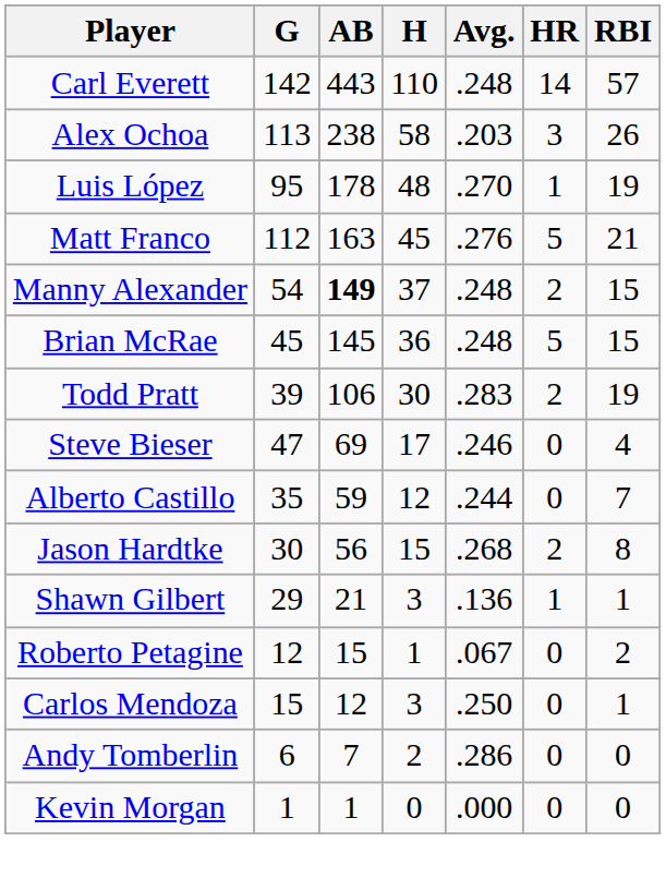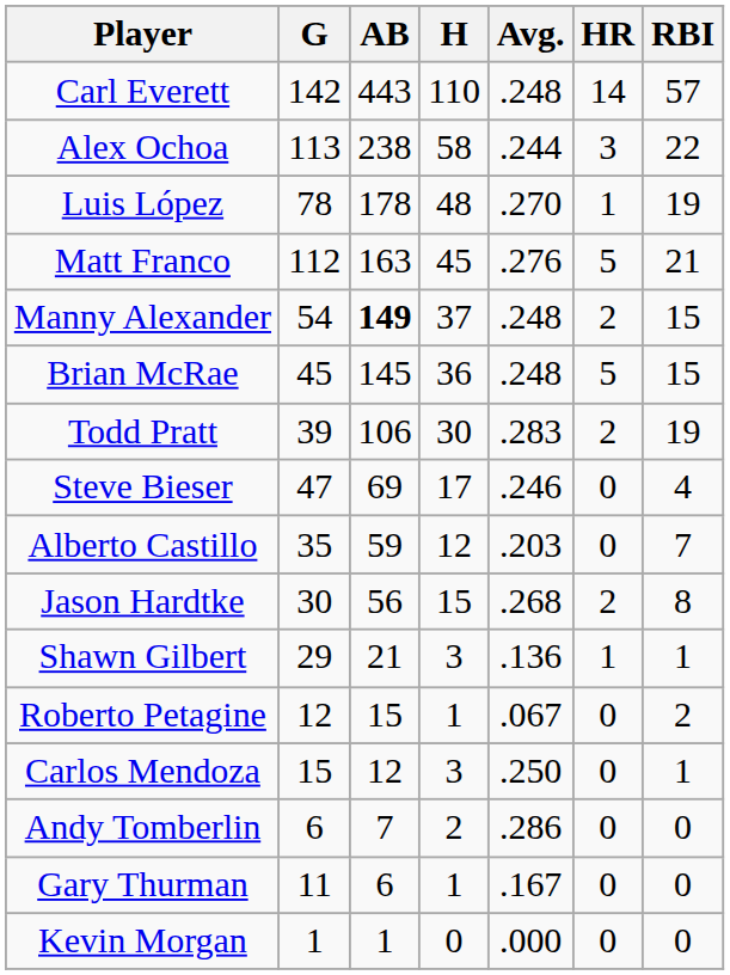 <table class="wikitable sortable">
 <tr>
 <th>Player</th>
 <th>G</th>
 <th>AB</th>
 <th>H</th>
 <th>Avg.</th>
 <th>HR</th>
 <th>RBI</th>
 </tr>
 <tr align="center">
 <td><a href='#'>Carl Everett</a></td>
 <td>142</td>
 <td>443</td>
 <td>110</td>
 <td>.248</td>
 <td>14</td>
 <td>57</td>
 </tr>
 <tr align="center">
 <td><a href='#'>Alex Ochoa</a></td>
 <td>113</td>
 <td>238</td>
 <td>58</td>
-<td>.203</td>
+<td>.244</td>
 <td>3</td>
-<td>26</td>
+<td>22</td>
 </tr>
 <tr align="center">
 <td><a href='#'>Luis López</a></td>
-<td>95</td>
+<td>78</td>
 <td>178</td>
 <td>48</td>
 <td>.270</td>
 <td>1</td>
 <td>19</td>
 </tr>
 <tr align="center">
 <td><a href='#'>Matt Franco</a></td>
 <td>112</td>
 <td>163</td>
 <td>45</td>
 <td>.276</td>
 <td>5</td>
 <td>21</td>
 </tr>
 <tr align="center">
 <td><a href='#'>Manny Alexander</a></td>
 <td>54</td>
 <td><strong>149</strong></td>
 <td>37</td>
 <td>.248</td>
 <td>2</td>
 <td>15</td>
 </tr>
 <tr align="center">
 <td><a href='#'>Brian McRae</a></td>
 <td>45</td>
 <td>145</td>
 <td>36</td>
 <td>.248</td>
 <td>5</td>
 <td>15</td>
 </tr>
 <tr align="center">
 <td><a href='#'>Todd Pratt</a></td>
 <td>39</td>
 <td>106</td>
 <td>30</td>
 <td>.283</td>
 <td>2</td>
 <td>19</td>
 </tr>
 <tr align="center">
 <td><a href='#'>Steve Bieser</a></td>
 <td>47</td>
 <td>69</td>
 <td>17</td>
 <td>.246</td>
 <td>0</td>
 <td>4</td>
 </tr>
 <tr align="center">
 <td><a href='#'>Alberto Castillo</a></td>
 <td>35</td>
 <td>59</td>
 <td>12</td>
-<td>.244</td>
+<td>.203</td>
 <td>0</td>
 <td>7</td>
 </tr>
 <tr align="center">
 <td><a href='#'>Jason Hardtke</a></td>
 <td>30</td>
 <td>56</td>
 <td>15</td>
 <td>.268</td>
 <td>2</td>
 <td>8</td>
 </tr>
 <tr align="center">
 <td><a href='#'>Shawn Gilbert</a></td>
 <td>29</td>
 <td>21</td>
 <td>3</td>
 <td>.136</td>
 <td>1</td>
 <td>1</td>
 </tr>
 <tr align="center">
 <td><a href='#'>Roberto Petagine</a></td>
 <td>12</td>
 <td>15</td>
 <td>1</td>
 <td>.067</td>
 <td>0</td>
 <td>2</td>
 </tr>
 <tr align="center">
 <td><a href='#'>Carlos Mendoza</a></td>
 <td>15</td>
 <td>12</td>
 <td>3</td>
 <td>.250</td>
 <td>0</td>
 <td>1</td>
 </tr>
 <tr align="center">
 <td><a href='#'>Andy Tomberlin</a></td>
 <td>6</td>
 <td>7</td>
 <td>2</td>
 <td>.286</td>
 <td>0</td>
 <td>0</td>
 </tr>
 <tr align="center">
+<td><a href='#'>Gary Thurman</a></td>
+<td>11</td>
+<td>6</td>
+<td>1</td>
+<td>.167</td>
+<td>0</td>
+<td>0</td>
+</tr>
+<tr align="center">
 <td><a href='#'>Kevin Morgan</a></td>
 <td>1</td>
 <td>1</td>
 <td>0</td>
 <td>.000</td>
 <td>0</td>
 <td>0</td>
 </tr>
 </table>
